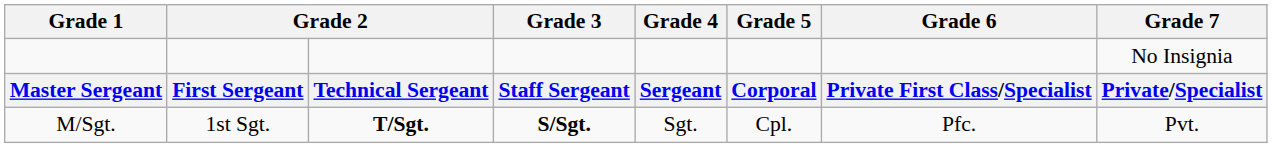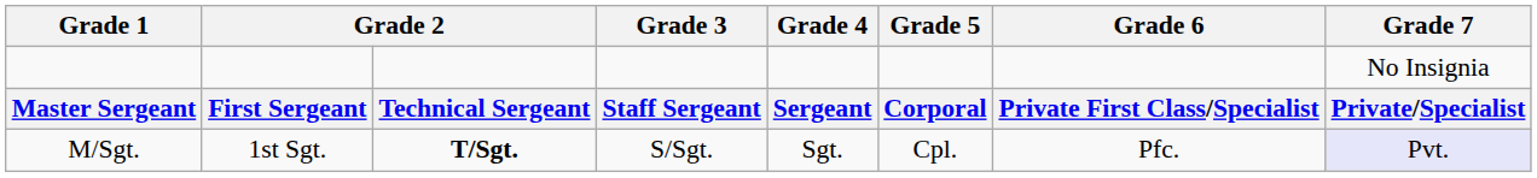 <table class="wikitable" style="text-align:center">
 <tr>
 <th>Grade 1</th>
 <th colspan=2>Grade 2</th>
 <th>Grade 3</th>
 <th>Grade 4</th>
 <th>Grade 5</th>
 <th>Grade 6</th>
 <th>Grade 7</th>
 </tr>
 <tr>
 <td></td>
 <td></td>
 <td></td>
 <td></td>
 <td></td>
 <td></td>
 <td></td>
 <td>No Insignia</td>
 </tr>
 <tr>
 <th><a href='#'>Master Sergeant</a></th>
 <th><a href='#'>First Sergeant</a></th>
 <th><a href='#'>Technical Sergeant</a></th>
 <th><a href='#'>Staff Sergeant</a></th>
 <th><a href='#'>Sergeant</a></th>
 <th><a href='#'>Corporal</a></th>
 <th><a href='#'>Private First Class</a>/<a href='#'>Specialist</a></th>
 <th><a href='#'>Private</a>/<a href='#'>Specialist</a></th>
 </tr>
 <tr>
 <td>M/Sgt.</td>
 <td>1st Sgt.</td>
 <td><strong>T/Sgt.</strong></td>
-<td><strong>S/Sgt.</strong></td>
+<td>S/Sgt.</td>
 <td>Sgt.</td>
 <td>Cpl.</td>
 <td>Pfc.</td>
-<td>Pvt.</td>
+<td style="background: lavender;">Pvt.</td>
 </tr>
 </table>
